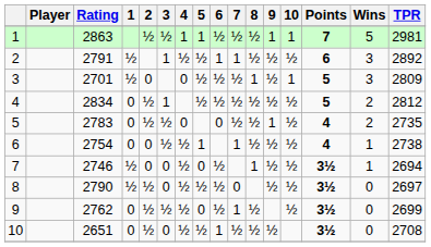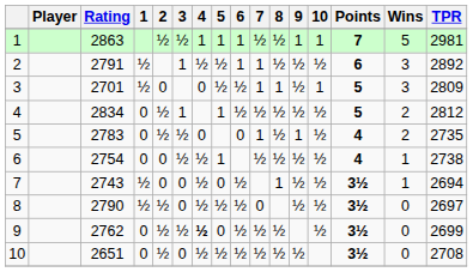 <table class="wikitable" style="text-align:center;">
 <tr>
 <th></th>
 <th>Player</th>
 <th><a href='#'>Rating</a></th>
 <th>1</th>
 <th>2</th>
 <th>3</th>
 <th>4</th>
 <th>5</th>
 <th>6</th>
 <th>7</th>
 <th>8</th>
 <th>9</th>
 <th>10</th>
 <th>Points</th>
 <th>Wins</th>
 <th><a href='#'>TPR</a></th>
 </tr>
 <tr>
 </tr>
 <tr style="background:#ccffcc;">
 <td>1</td>
 <td align=left><strong></strong></td>
 <td>2863</td>
 <td></td>
 <td>½</td>
 <td>½</td>
 <td>1</td>
 <td>1</td>
-<td>½</td>
+<td>1</td>
 <td>½</td>
 <td>½</td>
 <td>1</td>
 <td>1</td>
 <td><strong>7</strong></td>
 <td>5</td>
 <td>2981</td>
 </tr>
 <tr>
 <td>2</td>
 <td align=left></td>
 <td>2791</td>
 <td>½</td>
 <td></td>
 <td>1</td>
 <td>½</td>
 <td>½</td>
 <td>1</td>
 <td>1</td>
 <td>½</td>
 <td>½</td>
 <td>½</td>
 <td><strong>6</strong></td>
 <td>3</td>
 <td>2892</td>
 </tr>
 <tr>
 <td>3</td>
 <td align=left></td>
 <td>2701</td>
 <td>½</td>
 <td>0</td>
 <td></td>
 <td>0</td>
 <td>½</td>
 <td>½</td>
-<td>½</td>
+<td>1</td>
 <td>1</td>
 <td>½</td>
 <td>1</td>
 <td><strong>5</strong></td>
 <td>3</td>
 <td>2809</td>
 </tr>
 <tr>
 <td>4</td>
 <td align=left></td>
 <td>2834</td>
 <td>0</td>
 <td>½</td>
 <td>1</td>
 <td></td>
-<td>½</td>
+<td>1</td>
 <td>½</td>
 <td>½</td>
 <td>½</td>
 <td>½</td>
 <td>½</td>
 <td><strong>5</strong></td>
 <td>2</td>
 <td>2812</td>
 </tr>
 <tr>
 <td>5</td>
 <td align=left></td>
 <td>2783</td>
 <td>0</td>
 <td>½</td>
 <td>½</td>
 <td>0</td>
 <td></td>
 <td>0</td>
-<td>½</td>
+<td>1</td>
 <td>½</td>
 <td>1</td>
 <td>½</td>
 <td><strong>4</strong></td>
 <td>2</td>
 <td>2735</td>
 </tr>
 <tr>
 <td>6</td>
 <td align=left></td>
 <td>2754</td>
 <td>0</td>
 <td>0</td>
 <td>½</td>
 <td>½</td>
 <td>1</td>
 <td></td>
-<td>1</td>
+<td>½</td>
 <td>½</td>
 <td>½</td>
 <td>½</td>
 <td><strong>4</strong></td>
 <td>1</td>
 <td>2738</td>
 </tr>
 <tr>
 <td>7</td>
 <td align=left></td>
-<td>2746</td>
+<td>2743</td>
 <td>½</td>
 <td>0</td>
 <td>0</td>
 <td>½</td>
 <td>0</td>
 <td>½</td>
 <td></td>
 <td>1</td>
 <td>½</td>
 <td>½</td>
 <td><strong>3½</strong></td>
 <td>1</td>
 <td>2694</td>
 </tr>
 <tr>
 <td>8</td>
 <td align=left></td>
 <td>2790</td>
 <td>½</td>
 <td>½</td>
 <td>0</td>
 <td>½</td>
 <td>½</td>
 <td>½</td>
 <td>0</td>
 <td></td>
 <td>½</td>
 <td>½</td>
 <td><strong>3½</strong></td>
 <td>0</td>
 <td>2697</td>
 </tr>
 <tr>
 <td>9</td>
 <td align=left></td>
 <td>2762</td>
 <td>0</td>
 <td>½</td>
 <td>½</td>
-<td>½</td>
+<td><strong>½</strong></td>
 <td>0</td>
 <td>½</td>
-<td>1</td>
+<td>½</td>
 <td>½</td>
 <td></td>
 <td>½</td>
 <td><strong>3½</strong></td>
 <td>0</td>
 <td>2699</td>
 </tr>
 <tr>
 <td>10</td>
 <td align=left></td>
 <td>2651</td>
 <td>0</td>
 <td>½</td>
 <td>0</td>
 <td>½</td>
 <td>½</td>
-<td>1</td>
+<td>½</td>
 <td>½</td>
 <td>½</td>
 <td>½</td>
 <td></td>
 <td><strong>3½</strong></td>
 <td>0</td>
 <td>2708</td>
 </tr>
 <tr>
 </tr>
 </table>
